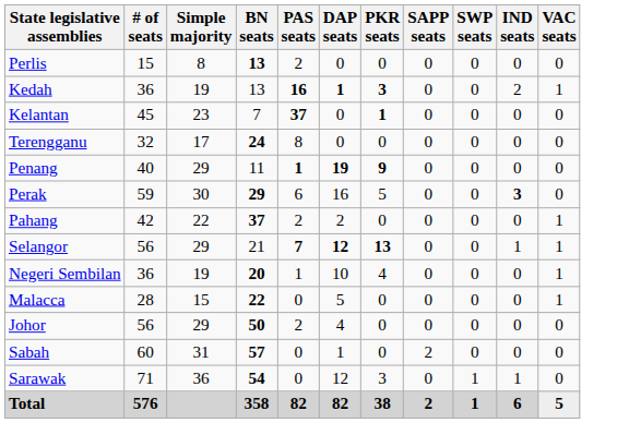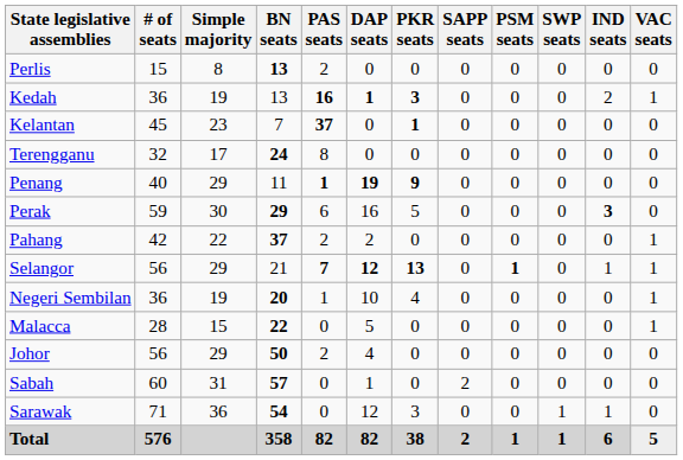 <table class="wikitable sortable" style="text-align:center">
 <tr>
 <th>State legislative<br>assemblies</th>
 <th># of<br>seats</th>
 <th>Simple<br>majority</th>
 <th>BN<br>seats</th>
 <th>PAS<br>seats</th>
 <th>DAP<br>seats</th>
 <th>PKR<br>seats</th>
 <th>SAPP<br>seats</th>
+<th>PSM<br>seats</th>
 <th>SWP<br>seats</th>
 <th>IND<br>seats</th>
 <th>VAC<br>seats</th>
 </tr>
 <tr>
 <td style="text-align:left"> <a href='#'>Perlis</a></td>
 <td>15</td>
 <td>8</td>
 <td><strong>13</strong></td>
 <td>2</td>
+<td>0</td>
 <td>0</td>
 <td>0</td>
 <td>0</td>
 <td>0</td>
 <td>0</td>
 <td>0</td>
 </tr>
 <tr>
 <td style="text-align:left"> <a href='#'>Kedah</a></td>
 <td>36</td>
 <td>19</td>
 <td>13</td>
 <td><strong>16</strong></td>
 <td><strong>1</strong></td>
 <td><strong>3</strong></td>
 <td>0</td>
 <td>0</td>
+<td>0</td>
 <td>2</td>
 <td>1</td>
 </tr>
 <tr>
 <td style="text-align:left"> <a href='#'>Kelantan</a></td>
 <td>45</td>
 <td>23</td>
 <td>7</td>
 <td><strong>37</strong></td>
 <td>0</td>
 <td><strong>1</strong></td>
 <td>0</td>
 <td>0</td>
 <td>0</td>
 <td>0</td>
+<td>0</td>
 </tr>
 <tr>
 <td style="text-align:left"> <a href='#'>Terengganu</a></td>
 <td>32</td>
 <td>17</td>
 <td><strong>24</strong></td>
 <td>8</td>
+<td>0</td>
 <td>0</td>
 <td>0</td>
 <td>0</td>
 <td>0</td>
 <td>0</td>
 <td>0</td>
 </tr>
 <tr>
 <td style="text-align:left"> <a href='#'>Penang</a></td>
 <td>40</td>
 <td>29</td>
 <td>11</td>
 <td><strong>1</strong></td>
 <td><strong>19</strong></td>
 <td><strong>9</strong></td>
 <td>0</td>
 <td>0</td>
 <td>0</td>
 <td>0</td>
+<td>0</td>
 </tr>
 <tr>
 <td style="text-align:left"> <a href='#'>Perak</a></td>
 <td>59</td>
 <td>30</td>
 <td><strong>29</strong></td>
 <td>6</td>
 <td>16</td>
 <td>5</td>
+<td>0</td>
 <td>0</td>
 <td>0</td>
 <td><strong>3</strong></td>
 <td>0</td>
 </tr>
 <tr>
 <td style="text-align:left"> <a href='#'>Pahang</a></td>
 <td>42</td>
 <td>22</td>
 <td><strong>37</strong></td>
 <td>2</td>
 <td>2</td>
 <td>0</td>
 <td>0</td>
 <td>0</td>
 <td>0</td>
+<td>0</td>
 <td>1</td>
 </tr>
 <tr>
 <td style="text-align:left"> <a href='#'>Selangor</a></td>
 <td>56</td>
 <td>29</td>
 <td>21</td>
 <td><strong>7</strong></td>
 <td><strong>12</strong></td>
 <td><strong>13</strong></td>
 <td>0</td>
+<td><strong>1</strong></td>
 <td>0</td>
 <td>1</td>
 <td>1</td>
 </tr>
 <tr>
 <td style="text-align:left"> <a href='#'>Negeri Sembilan</a></td>
 <td>36</td>
 <td>19</td>
 <td><strong>20</strong></td>
 <td>1</td>
 <td>10</td>
 <td>4</td>
 <td>0</td>
 <td>0</td>
 <td>0</td>
+<td>0</td>
 <td>1</td>
 </tr>
 <tr>
 <td style="text-align:left"> <a href='#'>Malacca</a></td>
 <td>28</td>
 <td>15</td>
 <td><strong>22</strong></td>
 <td>0</td>
 <td>5</td>
+<td>0</td>
 <td>0</td>
 <td>0</td>
 <td>0</td>
 <td>0</td>
 <td>1</td>
 </tr>
 <tr>
 <td style="text-align:left"> <a href='#'>Johor</a></td>
 <td>56</td>
 <td>29</td>
 <td><strong>50</strong></td>
 <td>2</td>
 <td>4</td>
 <td>0</td>
 <td>0</td>
 <td>0</td>
 <td>0</td>
 <td>0</td>
+<td>0</td>
 </tr>
 <tr>
 <td style="text-align:left"> <a href='#'>Sabah</a></td>
 <td>60</td>
 <td>31</td>
 <td><strong>57</strong></td>
 <td>0</td>
 <td>1</td>
 <td>0</td>
 <td>2</td>
 <td>0</td>
 <td>0</td>
 <td>0</td>
+<td>0</td>
 </tr>
 <tr>
 <td style="text-align:left"> <a href='#'>Sarawak</a></td>
 <td>71</td>
 <td>36</td>
 <td><strong>54</strong></td>
 <td>0</td>
 <td>12</td>
 <td>3</td>
+<td>0</td>
 <td>0</td>
 <td>1</td>
 <td>1</td>
 <td>0</td>
 </tr>
 <tr class="sortbottom" style="background:lightgrey;">
 <td style="text-align:left"><strong>Total</strong></td>
 <td><strong>576</strong></td>
 <td></td>
 <td><span><strong>358</strong></span></td>
 <td><span><strong>82</strong></span></td>
 <td><span><strong>82</strong></span></td>
 <td><span><strong>38</strong></span></td>
 <td><span><strong>2</strong></span></td>
 <td><span><strong>1</strong></span></td>
+<td><span><strong>1</strong></span></td>
 <td><span><strong>6</strong></span></td>
 <td style="background-color:#EEEEEE;"><span><strong>5</strong></span></td>
 </tr>
 </table>
